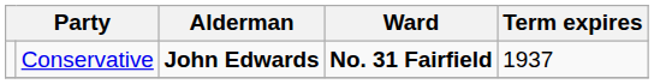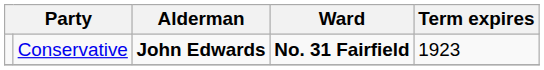 <table class="wikitable">
 <tr>
 <th colspan="2">Party</th>
 <th>Alderman</th>
 <th>Ward</th>
 <th>Term expires</th>
 </tr>
 <tr>
 <td style="background-color:"></td>
 <td><a href='#'>Conservative</a></td>
 <td><strong>John Edwards</strong></td>
 <td><strong>No. 31 Fairfield</strong></td>
-<td>1937</td>
+<td>1923</td>
 </tr>
 <tr>
 </tr>
 </table>
